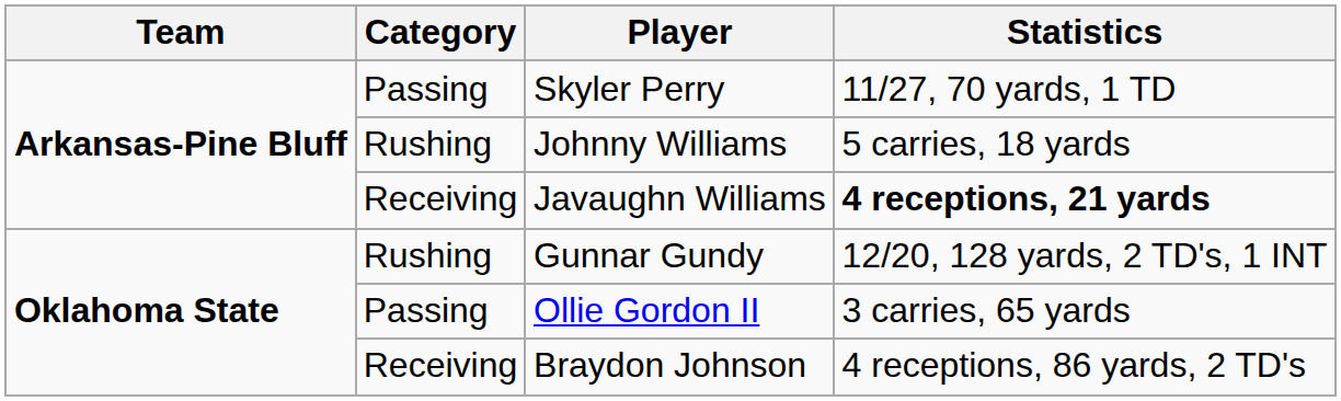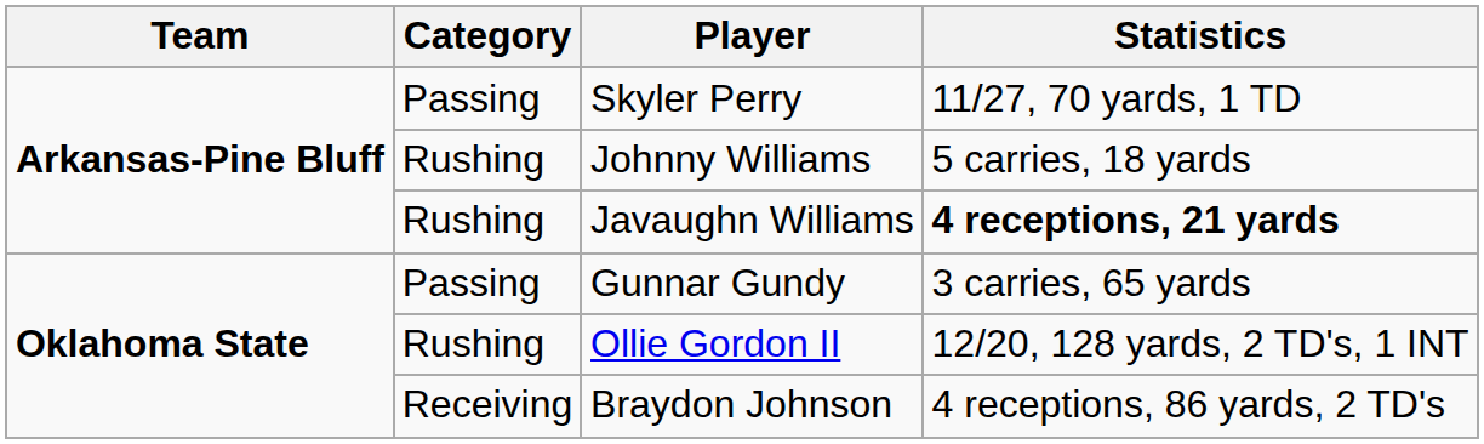 <table class="wikitable" style="float: right;">
 <tr>
 <th>Team</th>
 <th>Category</th>
 <th>Player</th>
 <th>Statistics</th>
 </tr>
 <tr>
 <td rowspan=3><strong>Arkansas-Pine Bluff</strong></td>
 <td>Passing</td>
 <td>Skyler Perry</td>
 <td>11/27, 70 yards, 1 TD</td>
 </tr>
 <tr>
 <td>Rushing</td>
 <td>Johnny Williams</td>
 <td>5 carries, 18 yards</td>
 </tr>
 <tr>
-<td>Receiving</td>
+<td>Rushing</td>
 <td>Javaughn Williams</td>
 <td><strong>4 receptions, 21 yards</strong></td>
 </tr>
 <tr>
 <td rowspan=3><strong>Oklahoma State</strong></td>
-<td>Rushing</td>
+<td>Passing</td>
 <td>Gunnar Gundy</td>
-<td>12/20, 128 yards, 2 TD's, 1 INT</td>
+<td>3 carries, 65 yards</td>
 </tr>
 <tr>
-<td>Passing</td>
+<td>Rushing</td>
 <td><a href='#'>Ollie Gordon II</a></td>
-<td>3 carries, 65 yards</td>
+<td>12/20, 128 yards, 2 TD's, 1 INT</td>
 </tr>
 <tr>
 <td>Receiving</td>
 <td>Braydon Johnson</td>
 <td>4 receptions, 86 yards, 2 TD's</td>
 </tr>
 </table>
